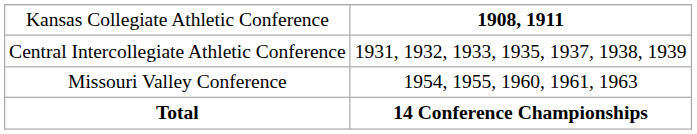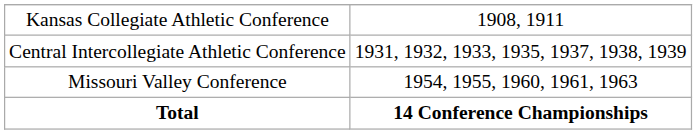 <table class="wikitable" style="text-align:center; background:white;">
 <tr>
 </tr>
 <tr>
 <td>Kansas Collegiate Athletic Conference</td>
-<td><strong>1908, 1911</strong></td>
+<td>1908, 1911</td>
 </tr>
 <tr>
 <td>Central Intercollegiate Athletic Conference</td>
 <td>1931, 1932, 1933, 1935, 1937, 1938, 1939</td>
 </tr>
 <tr>
 <td>Missouri Valley Conference</td>
 <td>1954, 1955, 1960, 1961, 1963</td>
 </tr>
 <tr>
 <td><strong>Total</strong></td>
 <td><strong>14 Conference Championships</strong></td>
 </tr>
 </table>
